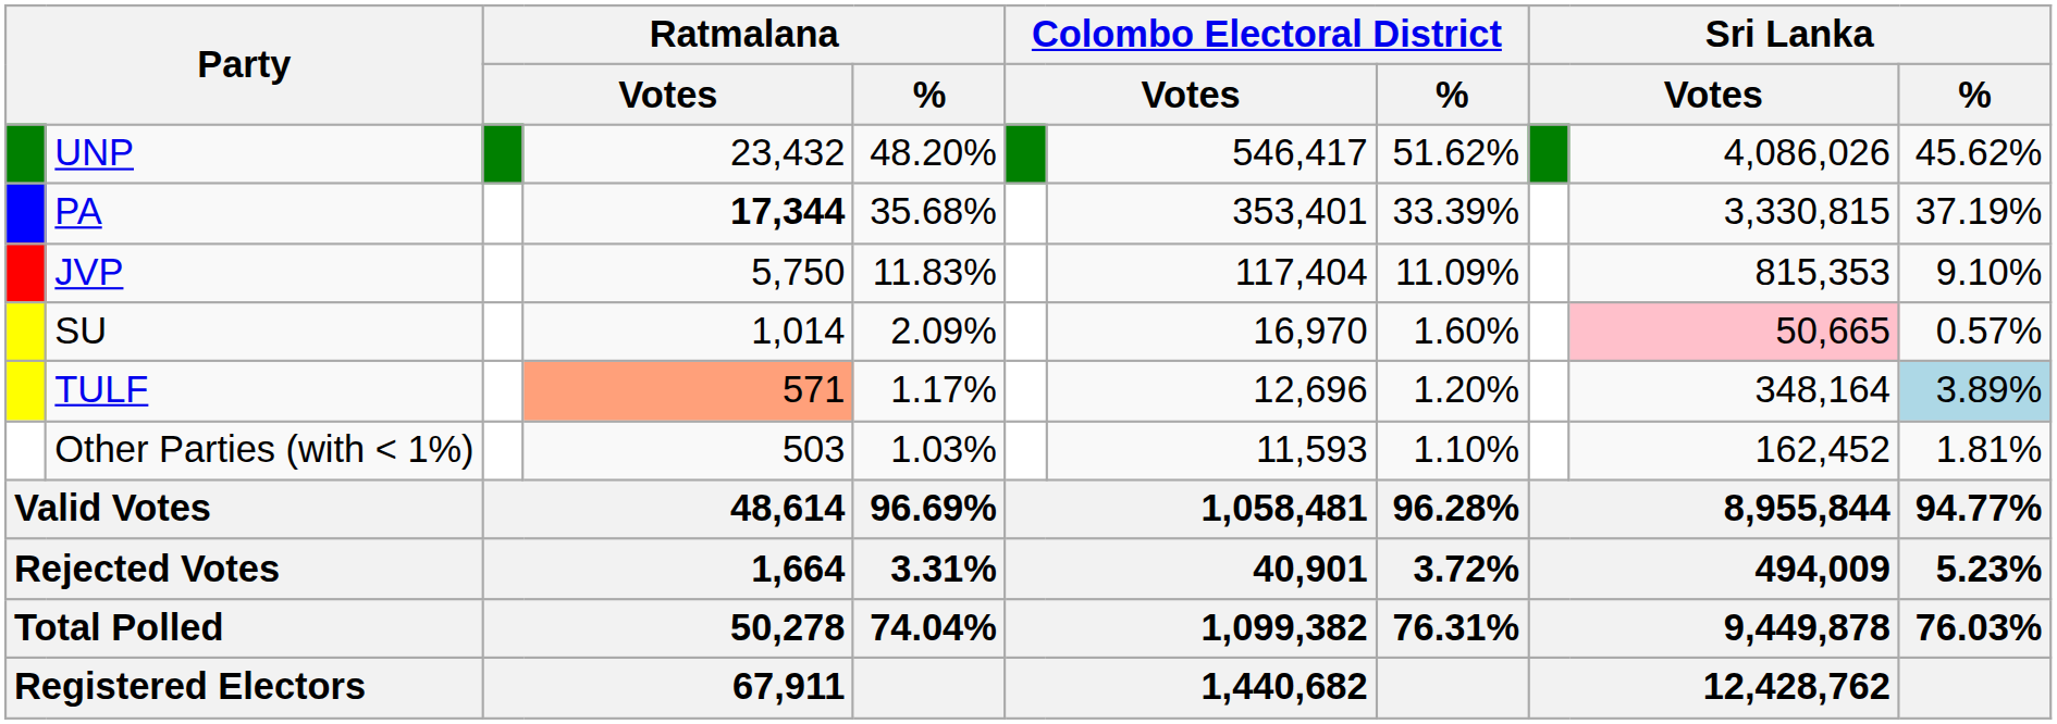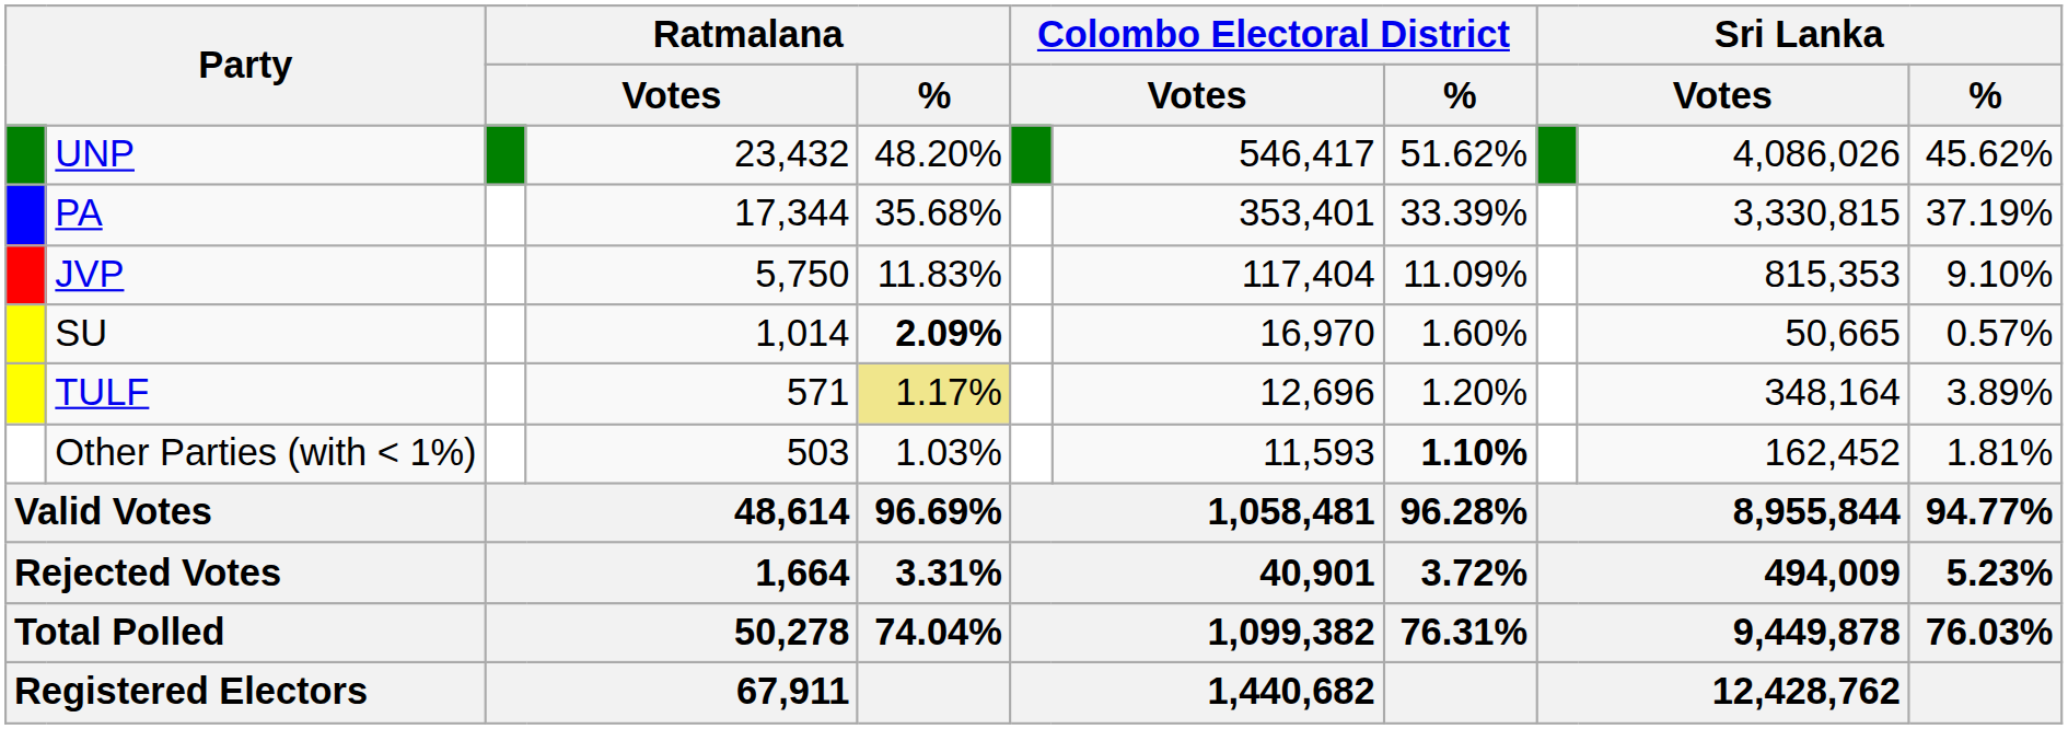 <table class="wikitable">
 <tr>
 <th colspan="2" width="144px"rowspan="2">Party</th>
 <th colspan="3" width="216px">Ratmalana</th>
 <th colspan="3" width="216px"><a href='#'>Colombo Electoral District</a></th>
 <th colspan="3" width="216px">Sri Lanka</th>
 </tr>
 <tr>
 <th colspan="2" width="144px">Votes</th>
 <th>%</th>
 <th colspan="2" width="144px">Votes</th>
 <th>%</th>
 <th colspan="2" width="144px">Votes</th>
 <th>%</th>
 </tr>
 <tr>
 <td style="background-color:green;" width="10px"></td>
 <td style="text-align:left;"><a href='#'>UNP</a></td>
 <td style="background-color:green;" width="10px"></td>
 <td style="text-align:right;">23,432</td>
 <td style="text-align:right;">48.20%</td>
 <td style="background-color:green;" width="10px"></td>
 <td style="text-align:right;">546,417</td>
 <td style="text-align:right;">51.62%</td>
 <td style="background-color:green;" width="10px"></td>
 <td style="text-align:right;">4,086,026</td>
 <td style="text-align:right;">45.62%</td>
 </tr>
 <tr>
 <td style="background-color:blue;" width="10px"></td>
 <td style="text-align:left;"><a href='#'>PA</a></td>
 <td style="background-color:white;" width="10px"></td>
-<td style="text-align:right;"><strong>17,344</strong></td>
+<td style="text-align:right;">17,344</td>
 <td style="text-align:right;">35.68%</td>
 <td style="background-color:white;" width="10px"></td>
 <td style="text-align:right;">353,401</td>
 <td style="text-align:right;">33.39%</td>
 <td style="background-color:white;" width="10px"></td>
 <td style="text-align:right;">3,330,815</td>
 <td style="text-align:right;">37.19%</td>
 </tr>
 <tr>
 <td style="background-color:red;" width="10px"></td>
 <td style="text-align:left;"><a href='#'>JVP</a></td>
 <td style="background-color:white;" width="10px"></td>
 <td style="text-align:right;">5,750</td>
 <td style="text-align:right;">11.83%</td>
 <td style="background-color:white;" width="10px"></td>
 <td style="text-align:right;">117,404</td>
 <td style="text-align:right;">11.09%</td>
 <td style="background-color:white;" width="10px"></td>
 <td style="text-align:right;">815,353</td>
 <td style="text-align:right;">9.10%</td>
 </tr>
 <tr>
 <td style="background-color:yellow;" width="10px"></td>
 <td style="text-align:left;">SU</td>
 <td style="background-color:white;" width="10px"></td>
 <td style="text-align:right;">1,014</td>
-<td style="text-align:right;">2.09%</td>
+<td style="text-align:right;"><strong>2.09%</strong></td>
 <td style="background-color:white;" width="10px"></td>
 <td style="text-align:right;">16,970</td>
 <td style="text-align:right;">1.60%</td>
 <td style="background-color:white;" width="10px"></td>
-<td style="background: pink; text-align:right;">50,665</td>
+<td style="text-align:right;">50,665</td>
 <td style="text-align:right;">0.57%</td>
 </tr>
 <tr>
 <td style="background-color:yellow;" width="10px"></td>
 <td style="text-align:left;"><a href='#'>TULF</a></td>
 <td style="background-color:white;" width="10px"></td>
-<td style="background: lightsalmon; text-align:right;">571</td>
-<td style="text-align:right;">1.17%</td>
+<td style="text-align:right;">571</td>
+<td style="background: khaki; text-align:right;">1.17%</td>
 <td style="background-color:white;" width="10px"></td>
 <td style="text-align:right;">12,696</td>
 <td style="text-align:right;">1.20%</td>
 <td style="background-color:white;" width="10px"></td>
 <td style="text-align:right;">348,164</td>
-<td style="background: lightblue; text-align:right;">3.89%</td>
+<td style="text-align:right;">3.89%</td>
 </tr>
 <tr>
 <td style="background-color:white;" width="10px"></td>
 <td style="text-align:left;">Other Parties (with < 1%)</td>
 <td style="background-color:white;" width="10px"></td>
 <td style="text-align:right;">503</td>
 <td style="text-align:right;">1.03%</td>
 <td style="background-color:white;" width="10px"></td>
 <td style="text-align:right;">11,593</td>
-<td style="text-align:right;">1.10%</td>
+<td style="text-align:right;"><strong>1.10%</strong></td>
 <td style="background-color:white;" width="10px"></td>
 <td style="text-align:right;">162,452</td>
 <td style="text-align:right;">1.81%</td>
 </tr>
 <tr>
 <th colspan="2" width="144px"style="text-align:left;">Valid Votes</th>
 <th style="text-align:right;"colspan="2" width="144px">48,614</th>
 <th style="text-align:right;">96.69%</th>
 <th style="text-align:right;"colspan="2" width="144px">1,058,481</th>
 <th style="text-align:right;">96.28%</th>
 <th style="text-align:right;"colspan="2" width="144px">8,955,844</th>
 <th style="text-align:right;">94.77%</th>
 </tr>
 <tr>
 <th colspan="2" width="144px"style="text-align:left;">Rejected Votes</th>
 <th style="text-align:right;"colspan="2" width="144px">1,664</th>
 <th style="text-align:right;">3.31%</th>
 <th style="text-align:right;"colspan="2" width="144px">40,901</th>
 <th style="text-align:right;">3.72%</th>
 <th style="text-align:right;"colspan="2" width="144px">494,009</th>
 <th style="text-align:right;">5.23%</th>
 </tr>
 <tr>
 <th colspan="2" width="144px"style="text-align:left;">Total Polled</th>
 <th style="text-align:right;"colspan="2" width="144px">50,278</th>
 <th style="text-align:right;">74.04%</th>
 <th style="text-align:right;"colspan="2" width="144px">1,099,382</th>
 <th style="text-align:right;">76.31%</th>
 <th style="text-align:right;"colspan="2" width="144px">9,449,878</th>
 <th style="text-align:right;">76.03%</th>
 </tr>
 <tr>
 <th colspan="2" width="144px"style="text-align:left;">Registered Electors</th>
 <th style="text-align:right;"colspan="2" width="144px">67,911</th>
 <th></th>
 <th style="text-align:right;"colspan="2" width="144px">1,440,682</th>
 <th></th>
 <th style="text-align:right;"colspan="2" width="144px">12,428,762</th>
 <th></th>
 </tr>
 </table>
